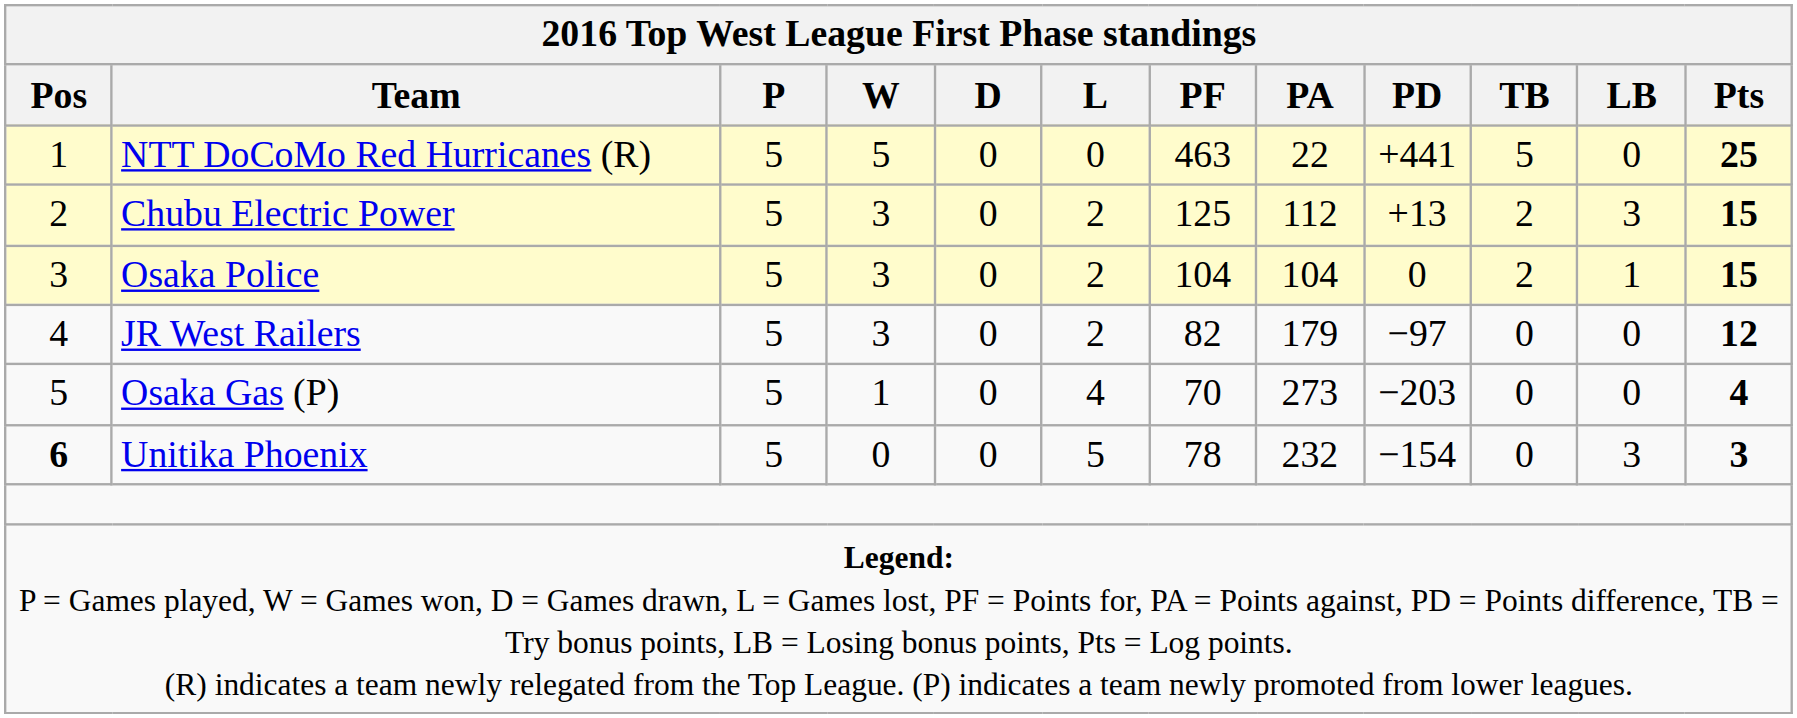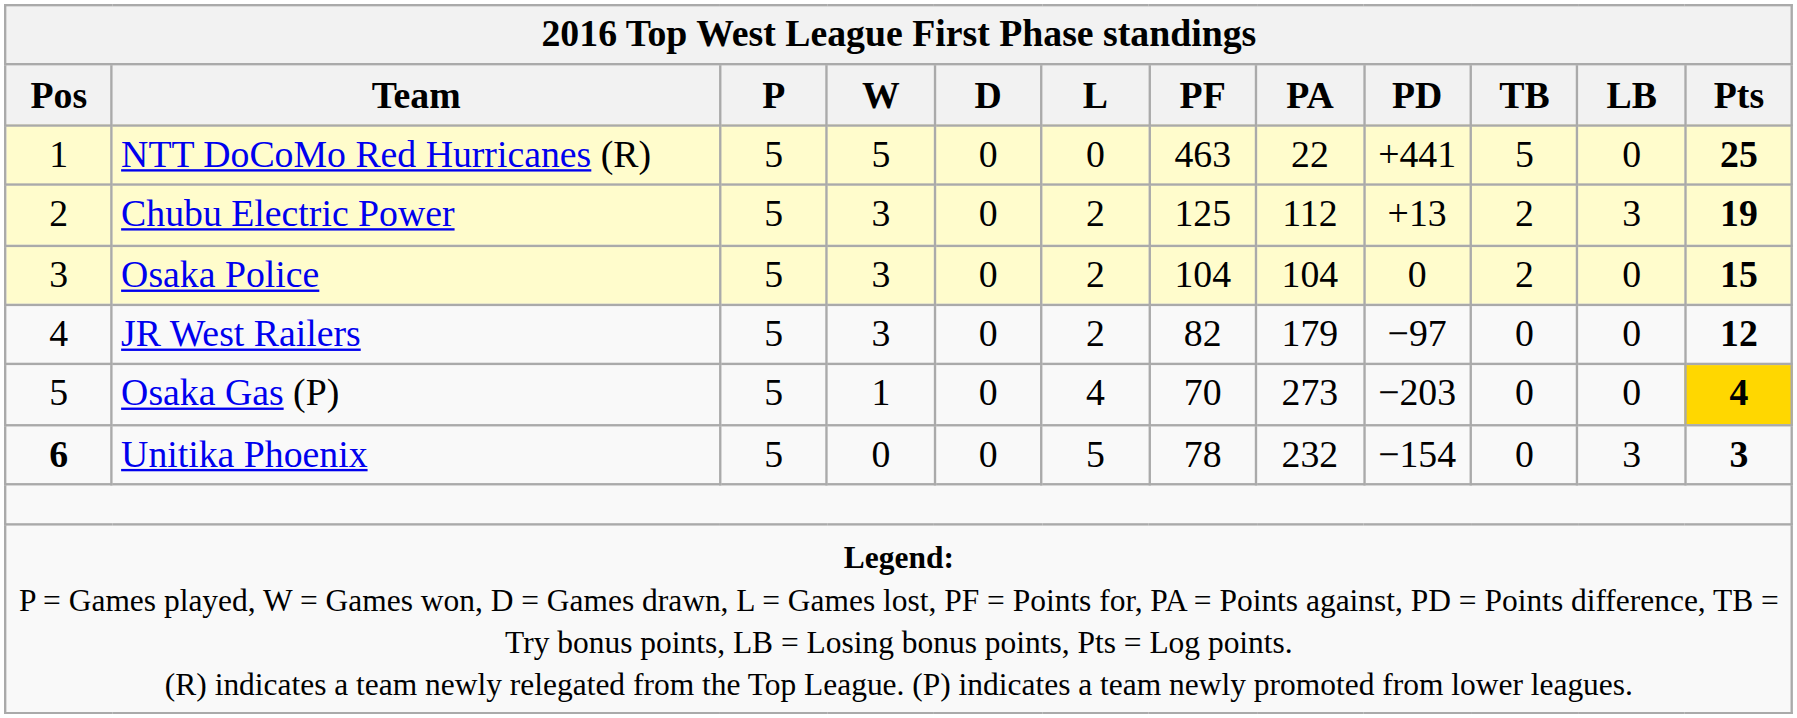 <table class="wikitable" style="text-align:center; font-size:100%; width:60%;">
 <tr>
 <th colspan="100%" cellpadding="0" cellspacing="0"><strong>2016 Top West League First Phase standings</strong></th>
 </tr>
 <tr>
 <th style="width:6%;">Pos</th>
 <th style="width:34%;">Team</th>
 <th style="width:6%;">P</th>
 <th style="width:6%;">W</th>
 <th style="width:6%;">D</th>
 <th style="width:6%;">L</th>
 <th style="width:6%;">PF</th>
 <th style="width:6%;">PA</th>
 <th style="width:6%;">PD</th>
 <th style="width:6%;">TB</th>
 <th style="width:6%;">LB</th>
 <th style="width:6%;">Pts<br></th>
 </tr>
 <tr style="background:#FFFCCC;">
 <td>1</td>
 <td style="text-align:left;"><a href='#'>NTT DoCoMo Red Hurricanes</a> (R)</td>
 <td>5</td>
 <td>5</td>
 <td>0</td>
 <td>0</td>
 <td>463</td>
 <td>22</td>
 <td>+441</td>
 <td>5</td>
 <td>0</td>
 <td><strong>25</strong></td>
 </tr>
 <tr style="background:#FFFCCC;">
 <td>2</td>
 <td style="text-align:left;"><a href='#'>Chubu Electric Power</a></td>
 <td>5</td>
 <td>3</td>
 <td>0</td>
 <td>2</td>
 <td>125</td>
 <td>112</td>
 <td>+13</td>
 <td>2</td>
 <td>3</td>
-<td><strong>15</strong></td>
+<td><strong>19</strong></td>
 </tr>
 <tr style="background:#FFFCCC;">
 <td>3</td>
 <td style="text-align:left;"><a href='#'>Osaka Police</a></td>
 <td>5</td>
 <td>3</td>
 <td>0</td>
 <td>2</td>
 <td>104</td>
 <td>104</td>
 <td>0</td>
 <td>2</td>
-<td>1</td>
+<td>0</td>
 <td><strong>15</strong></td>
 </tr>
 <tr>
 <td>4</td>
 <td style="text-align:left;"><a href='#'>JR West Railers</a></td>
 <td>5</td>
 <td>3</td>
 <td>0</td>
 <td>2</td>
 <td>82</td>
 <td>179</td>
 <td>−97</td>
 <td>0</td>
 <td>0</td>
 <td><strong>12</strong></td>
 </tr>
 <tr>
 <td>5</td>
 <td style="text-align:left;"><a href='#'>Osaka Gas</a> (P)</td>
 <td>5</td>
 <td>1</td>
 <td>0</td>
 <td>4</td>
 <td>70</td>
 <td>273</td>
 <td>−203</td>
 <td>0</td>
 <td>0</td>
-<td><strong>4</strong></td>
+<td style="background: gold;"><strong>4</strong></td>
 </tr>
 <tr>
 <td><strong>6</strong></td>
 <td style="text-align:left;"><a href='#'>Unitika Phoenix</a></td>
 <td>5</td>
 <td>0</td>
 <td>0</td>
 <td>5</td>
 <td>78</td>
 <td>232</td>
 <td>−154</td>
 <td>0</td>
 <td>3</td>
 <td><strong>3</strong></td>
 </tr>
 <tr>
 <td colspan="100%" style="height:10px;"></td>
 </tr>
 <tr>
 <td colspan="100%"><small><strong>Legend:</strong> <br> P = Games played, W = Games won, D = Games drawn, L = Games lost, PF = Points for, PA = Points against, PD = Points difference, TB = Try bonus points, LB = Losing bonus points, Pts = Log points. <br> (R) indicates a team newly relegated from the Top League. (P) indicates a team newly promoted from lower leagues.</small></td>
 </tr>
 </table>
